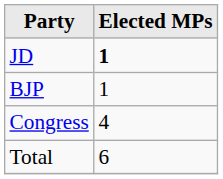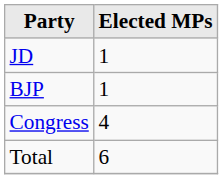 <table class="wikitable sortable">
 <tr>
 <th style="background-color:#E9E9E9" align="left" valign="top">Party</th>
 <th style="background-color:#E9E9E9" align="center" valign="top">Elected MPs</th>
 </tr>
 <tr>
 <td><a href='#'>JD</a></td>
-<td><strong>1</strong></td>
+<td>1</td>
 </tr>
 <tr>
 <td><a href='#'>BJP</a></td>
 <td>1</td>
 </tr>
 <tr>
 <td><a href='#'>Congress</a></td>
 <td>4</td>
 </tr>
 <tr>
 <td>Total</td>
 <td>6</td>
 </tr>
 <tr>
 </tr>
 </table>
